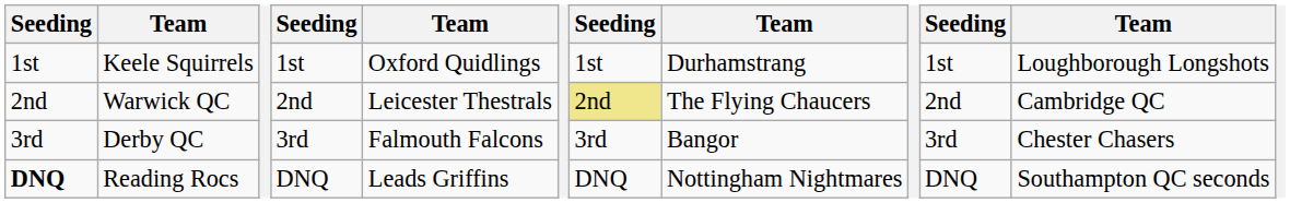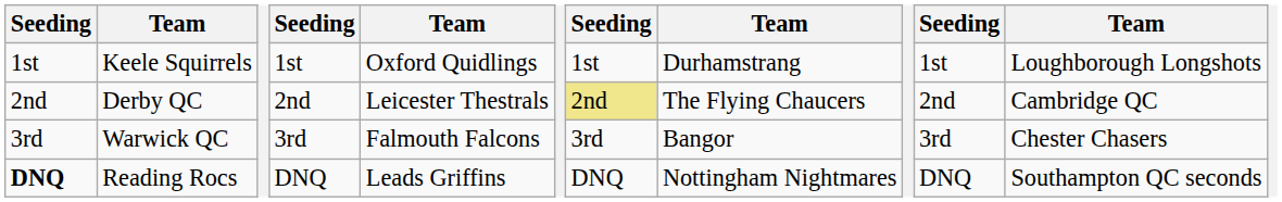 <table class="wikitable" style="border: none;">
 <tr>
 <th>Seeding</th>
 <th>Team</th>
 <th rowspan="10" style="border: none;"></th>
 <th>Seeding</th>
 <th>Team</th>
 <th rowspan="10" style="border: none;"></th>
 <th>Seeding</th>
 <th>Team</th>
 <th rowspan="10" style="border: none;"></th>
 <th>Seeding</th>
 <th>Team</th>
 <th rowspan="10" style="border: none;"></th>
 </tr>
 <tr>
 <td>1st</td>
 <td>Keele Squirrels</td>
 <td>1st</td>
 <td>Oxford Quidlings</td>
 <td>1st</td>
 <td>Durhamstrang</td>
 <td>1st</td>
 <td>Loughborough Longshots</td>
 </tr>
 <tr>
 <td>2nd</td>
-<td>Warwick QC</td>
+<td>Derby QC</td>
 <td>2nd</td>
 <td>Leicester Thestrals</td>
 <td style="background: khaki;">2nd</td>
 <td>The Flying Chaucers</td>
 <td>2nd</td>
 <td>Cambridge QC</td>
 </tr>
 <tr>
 <td>3rd</td>
-<td>Derby QC</td>
+<td>Warwick QC</td>
 <td>3rd</td>
 <td>Falmouth Falcons</td>
 <td>3rd</td>
 <td>Bangor</td>
 <td>3rd</td>
 <td>Chester Chasers</td>
 </tr>
 <tr>
 <td><strong>DNQ</strong></td>
 <td>Reading Rocs</td>
 <td>DNQ</td>
 <td>Leads Griffins</td>
 <td>DNQ</td>
 <td>Nottingham Nightmares</td>
 <td>DNQ</td>
 <td>Southampton QC seconds</td>
 </tr>
 </table>
